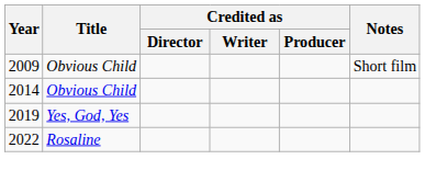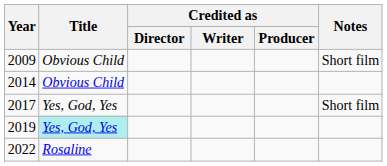 <table class="wikitable">
 <tr>
 <th rowspan="2">Year</th>
 <th rowspan="2">Title</th>
 <th colspan="3">Credited as</th>
 <th rowspan="2'">Notes</th>
 </tr>
 <tr>
 <th width=65>Director</th>
 <th width=65>Writer</th>
 <th width=65>Producer</th>
 </tr>
 <tr>
 <td>2009</td>
 <td><em>Obvious Child</em></td>
 <td></td>
 <td></td>
 <td></td>
 <td>Short film</td>
 </tr>
 <tr>
 <td>2014</td>
 <td><em><a href='#'>Obvious Child</a></em></td>
 <td></td>
 <td></td>
 <td></td>
 <td></td>
 </tr>
 <tr>
+<td>2017</td>
+<td><em>Yes, God, Yes</em></td>
+<td></td>
+<td></td>
+<td></td>
+<td>Short film</td>
+</tr>
+<tr>
 <td>2019</td>
-<td><em><a href='#'>Yes, God, Yes</a></em></td>
+<td style="background: paleturquoise;"><em><a href='#'>Yes, God, Yes</a></em></td>
 <td></td>
 <td></td>
 <td></td>
 <td></td>
 </tr>
 <tr>
 <td>2022</td>
 <td><em><a href='#'>Rosaline</a></em></td>
 <td></td>
 <td></td>
 <td></td>
 <td></td>
 </tr>
 </table>
